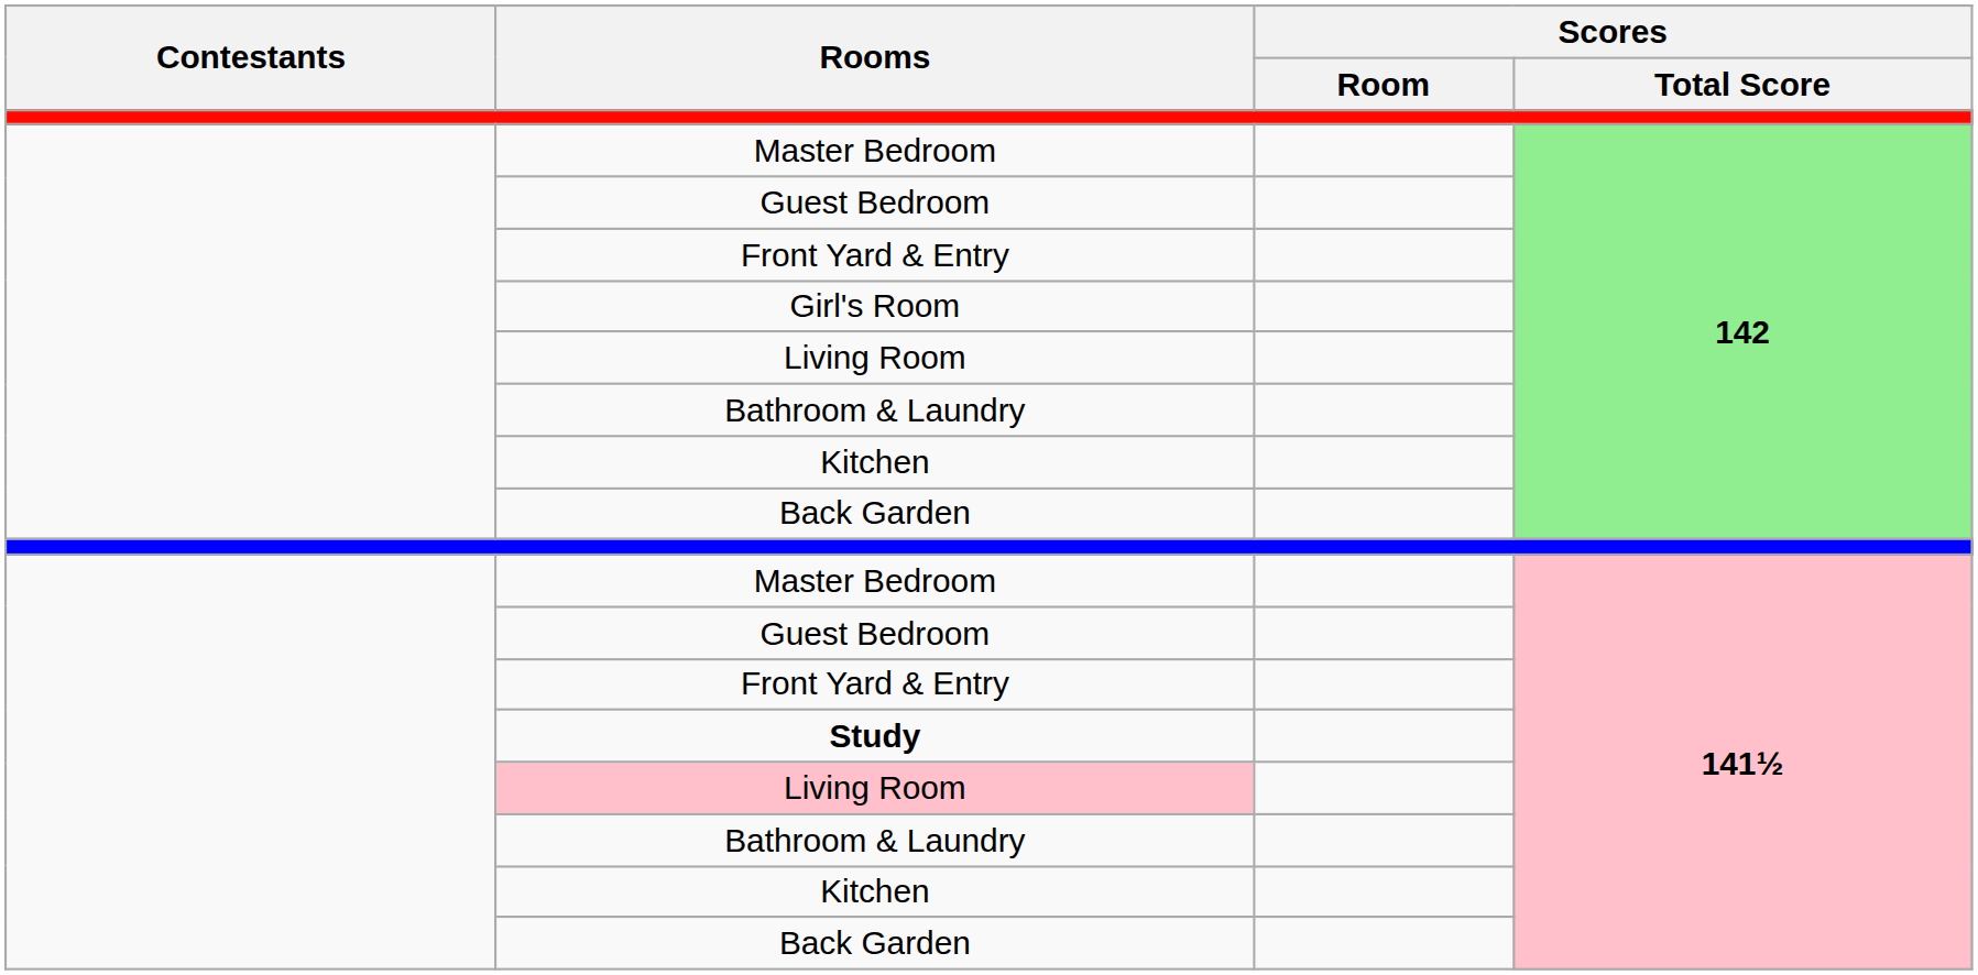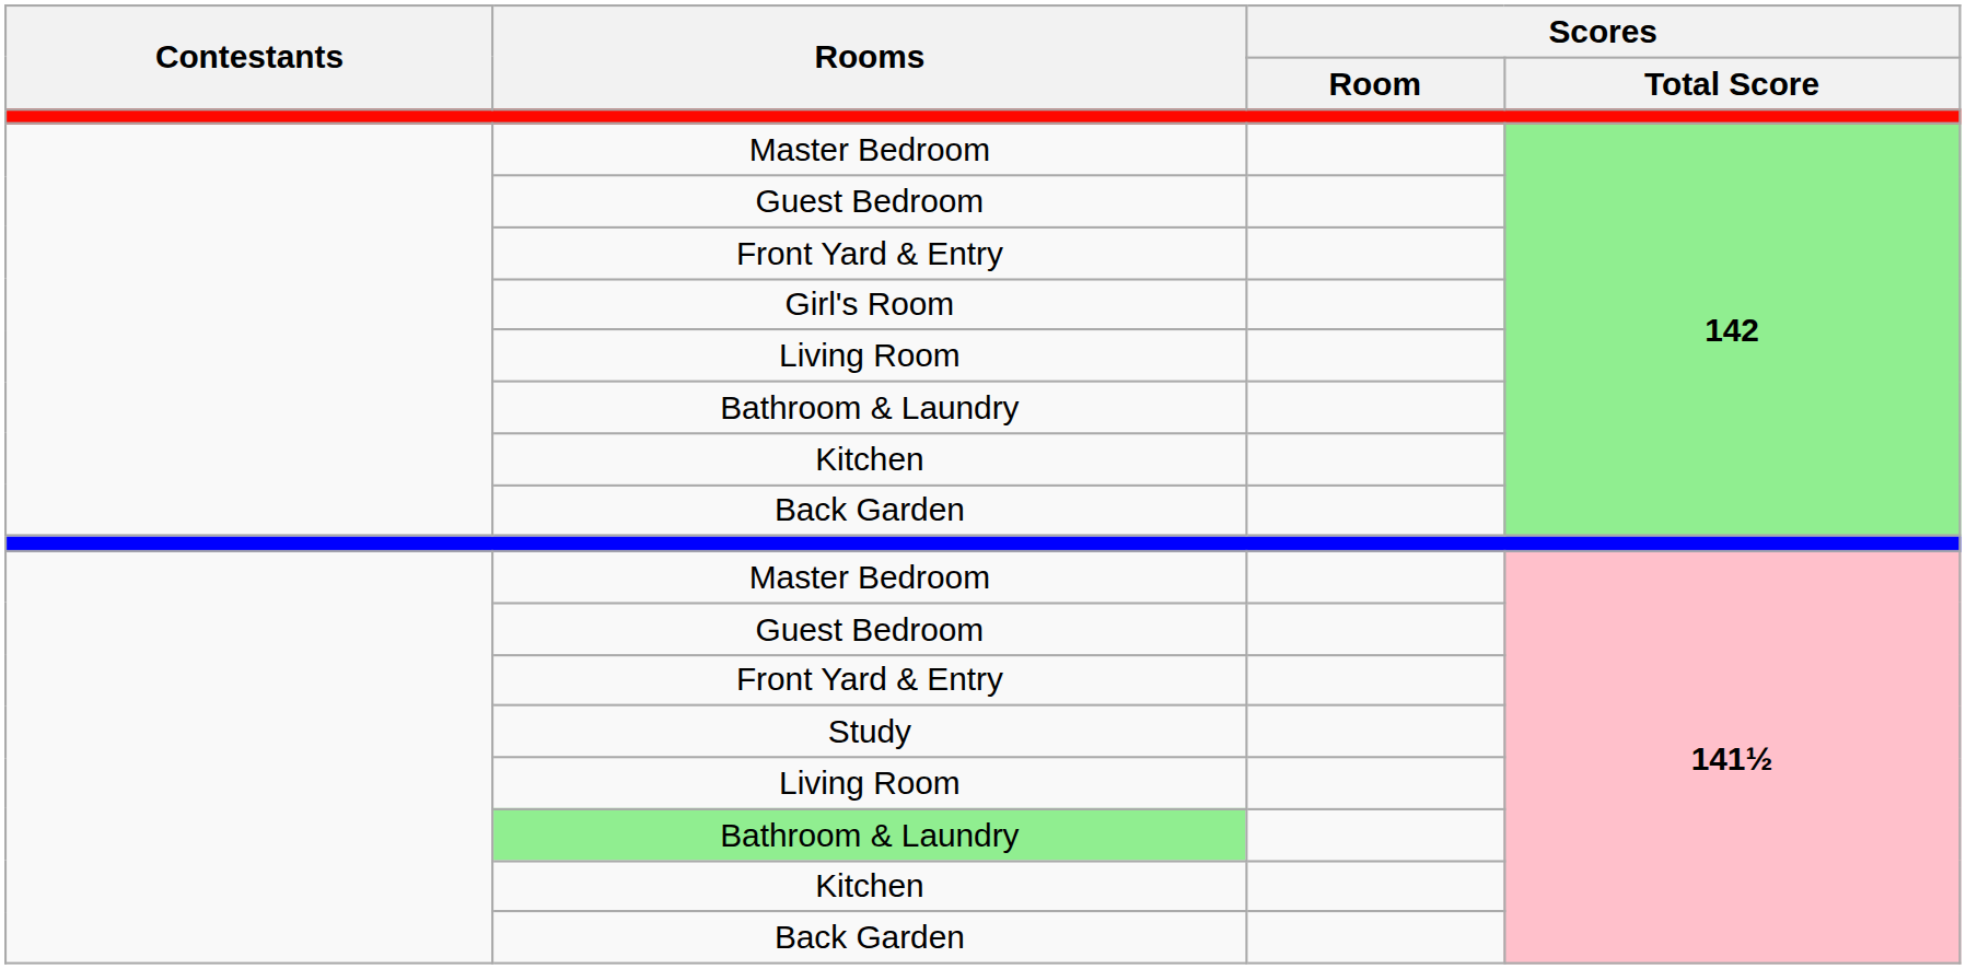 <table class="wikitable plainrowheaders" style="text-align:center; font-size:90%; width:60em;">
 <tr>
 <th rowspan="2">Contestants</th>
 <th rowspan="2">Rooms</th>
 <th colspan="2">Scores</th>
 </tr>
 <tr>
 <th>Room</th>
 <th>Total Score</th>
 </tr>
 <tr>
 <td colspan="4" style="background:#FF0800; color:white;"> </td>
 </tr>
 <tr>
 <td rowspan="8"></td>
 <td>Master Bedroom</td>
 <td></td>
 <td rowspan="8" style="background:#90EE90"><strong>142</strong></td>
 </tr>
 <tr>
 <td>Guest Bedroom</td>
 <td></td>
 </tr>
 <tr>
 <td>Front Yard & Entry</td>
 <td></td>
 </tr>
 <tr>
 <td>Girl's Room</td>
 <td></td>
 </tr>
 <tr>
 <td>Living Room</td>
 <td></td>
 </tr>
 <tr>
 <td>Bathroom & Laundry</td>
 <td></td>
 </tr>
 <tr>
 <td>Kitchen</td>
 <td></td>
 </tr>
 <tr>
 <td>Back Garden</td>
 <td></td>
 </tr>
 <tr>
 <td colspan="4" style="background:blue; color:white;"> </td>
 </tr>
 <tr>
 <td rowspan="10"></td>
 <td>Master Bedroom</td>
 <td></td>
 <td rowspan="10" style="background:#FFC0CB" fail><strong>141½</strong></td>
 </tr>
 <tr>
 <td>Guest Bedroom</td>
 <td></td>
 </tr>
 <tr>
 <td>Front Yard & Entry</td>
 <td></td>
 </tr>
 <tr>
-<td><strong>Study</strong></td>
+<td>Study</td>
 <td></td>
 </tr>
 <tr>
-<td style="background: pink;">Living Room</td>
+<td>Living Room</td>
 <td></td>
 </tr>
 <tr>
-<td>Bathroom & Laundry</td>
+<td style="background: lightgreen;">Bathroom & Laundry</td>
 <td></td>
 </tr>
 <tr>
 <td>Kitchen</td>
 <td></td>
 </tr>
 <tr>
 <td>Back Garden</td>
 <td></td>
 </tr>
 </table>
